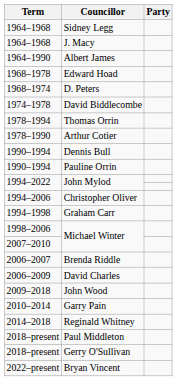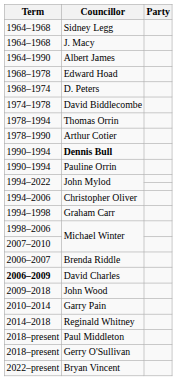 <table class="wikitable">
 <tr>
 <th>Term</th>
 <th>Councillor</th>
 <th colspan=2>Party</th>
 </tr>
 <tr>
 <td>1964–1968</td>
 <td>Sidney Legg</td>
 <td></td>
 </tr>
 <tr>
 <td>1964–1968</td>
 <td>J. Macy</td>
 <td></td>
 </tr>
 <tr>
 <td>1964–1990</td>
 <td>Albert James</td>
 <td></td>
 </tr>
 <tr>
 <td>1968–1978</td>
 <td>Edward Hoad</td>
 <td></td>
 </tr>
 <tr>
 <td>1968–1974</td>
 <td>D. Peters</td>
 <td></td>
 </tr>
 <tr>
 <td>1974–1978</td>
 <td>David Biddlecombe</td>
 <td></td>
 </tr>
 <tr>
 <td>1978–1994</td>
 <td>Thomas Orrin</td>
 <td></td>
 </tr>
 <tr>
 <td>1978–1990</td>
 <td>Arthur Cotier</td>
 <td></td>
 </tr>
 <tr>
 <td>1990–1994</td>
-<td>Dennis Bull</td>
+<td><strong>Dennis Bull</strong></td>
 <td></td>
 </tr>
 <tr>
 <td>1990–1994</td>
 <td>Pauline Orrin</td>
 <td></td>
 </tr>
 <tr>
 <td rowspan=2>1994–2022</td>
 <td rowspan=2>John Mylod</td>
 <td></td>
 </tr>
 <tr>
 <td></td>
 </tr>
 <tr>
 <td>1994–2006</td>
 <td>Christopher Oliver</td>
 <td></td>
 </tr>
 <tr>
 <td>1994–1998</td>
 <td>Graham Carr</td>
 <td></td>
 </tr>
 <tr>
 <td>1998–2006</td>
 <td rowspan=2>Michael Winter</td>
 <td></td>
 </tr>
 <tr>
 <td>2007–2010</td>
 <td></td>
 </tr>
 <tr>
 <td>2006–2007</td>
 <td>Brenda Riddle</td>
 <td></td>
 </tr>
 <tr>
-<td>2006–2009</td>
+<td><strong>2006–2009</strong></td>
 <td>David Charles</td>
 <td></td>
 </tr>
 <tr>
 <td>2009–2018</td>
 <td>John Wood</td>
 <td></td>
 </tr>
 <tr>
 <td>2010–2014</td>
 <td>Garry Pain</td>
 <td></td>
 </tr>
 <tr>
 <td>2014–2018</td>
 <td>Reginald Whitney</td>
 <td></td>
 </tr>
 <tr>
 <td>2018–present</td>
 <td>Paul Middleton</td>
 <td></td>
 </tr>
 <tr>
 <td>2018–present</td>
 <td>Gerry O'Sullivan</td>
 <td></td>
 </tr>
 <tr>
 <td>2022–present</td>
 <td>Bryan Vincent</td>
 <td></td>
 </tr>
 </table>
